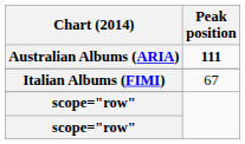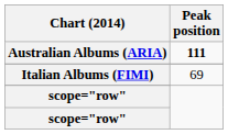 <table class="wikitable sortable plainrowheaders" style="text-align:center">
 <tr>
 <th scope="col">Chart (2014)</th>
 <th scope="col">Peak<br>position</th>
 </tr>
 <tr>
 <th scope="row">Australian Albums (<a href='#'>ARIA</a>)</th>
 <td align="center"><strong>111</strong></td>
 </tr>
 <tr>
 </tr>
 <tr>
 </tr>
 <tr>
 </tr>
 <tr>
 </tr>
 <tr>
 </tr>
 <tr>
 <th scope="row">Italian Albums (<a href='#'>FIMI</a>)</th>
-<td align="center">67</td>
+<td align="center">69</td>
 </tr>
 <tr>
 </tr>
 <tr>
 </tr>
 <tr>
 </tr>
 <tr>
 </tr>
 <tr>
 <th>scope="row"</th>
 </tr>
 <tr>
 <th>scope="row"</th>
 </tr>
 </table>
